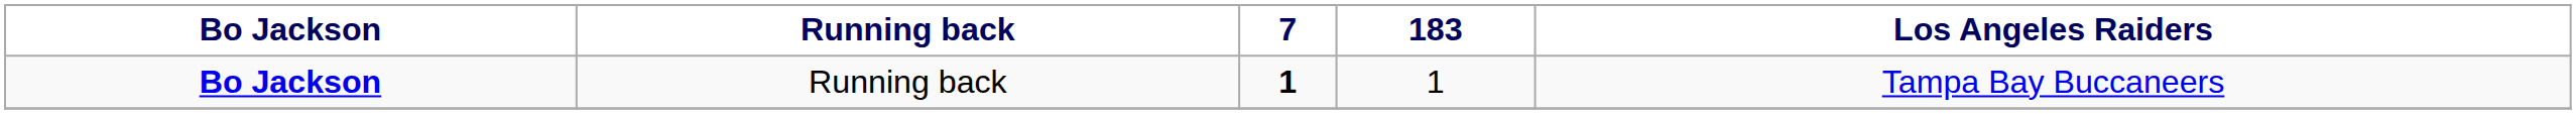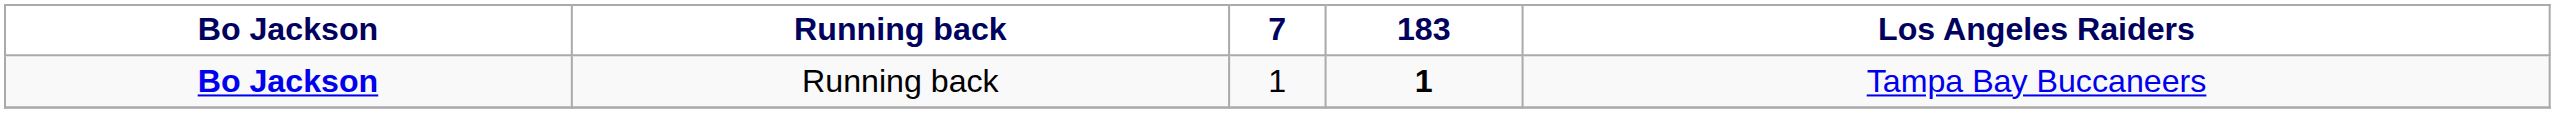 <table class="wikitable" width="80%">
 <tr align="center"  style="background:white;color:#01025E;">
 <td><strong>Bo Jackson</strong></td>
 <td><strong>Running back</strong></td>
 <td><strong>7</strong></td>
 <td><strong>183</strong></td>
 <td><strong>Los Angeles Raiders</strong></td>
 </tr>
 <tr align="center" bgcolor="">
 <td><strong><a href='#'>Bo Jackson</a></strong></td>
 <td>Running back</td>
+<td>1</td>
 <td><strong>1</strong></td>
-<td>1</td>
 <td><a href='#'>Tampa Bay Buccaneers</a></td>
 </tr>
 <tr align="center" bgcolor="">
 </tr>
 </table>
